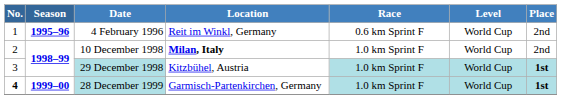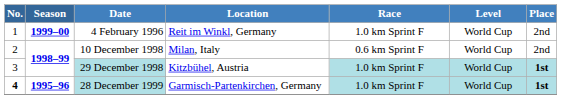 <table class="wikitable sortable" style="font-size:95%; text-align:center; border:grey solid 1px; border-collapse:collapse; background:#ffffff;">
 <tr style="background:#efefef;">
 <th style="background-color:#369; color:white;">No.</th>
 <th style="background-color:#369; color:white;">Season</th>
 <th style="background-color:#4180be; color:white; width:120px;">Date</th>
 <th style="background-color:#4180be; color:white; width:220px;">Location</th>
 <th style="background-color:#4180be; color:white; width:160px;">Race</th>
 <th style="background-color:#4180be; color:white; width:100px;">Level</th>
 <th style="background-color:#4180be; color:white;">Place</th>
 </tr>
 <tr>
 <td align=center>1</td>
-<td rowspan=1 align=center><strong> <a href='#'>1995–96</a> </strong></td>
+<td rowspan=1 align=center><strong><a href='#'>1999–00</a></strong></td>
 <td align=right>4 February 1996</td>
 <td align=left> <a href='#'>Reit im Winkl</a>, Germany</td>
-<td>0.6 km Sprint F</td>
+<td>1.0 km Sprint F</td>
 <td>World Cup</td>
 <td>2nd</td>
 </tr>
 <tr>
 <td align=center>2</td>
 <td rowspan=2 align=center><strong> <a href='#'>1998–99</a> </strong></td>
 <td align=right>10 December 1998</td>
-<td align=left><strong> <a href='#'>Milan</a>, Italy</strong></td>
-<td>1.0 km Sprint F</td>
+<td align=left> <a href='#'>Milan</a>, Italy</td>
+<td>0.6 km Sprint F</td>
 <td>World Cup</td>
 <td>2nd</td>
 </tr>
 <tr>
 <td align=center>3</td>
 <td bgcolor="#BOEOE6" align=right>29 December 1998</td>
 <td align=left> <a href='#'>Kitzbühel</a>, Austria</td>
 <td bgcolor="#BOEOE6">1.0 km Sprint F</td>
 <td bgcolor="#BOEOE6">World Cup</td>
 <td bgcolor="#BOEOE6"><strong>1st</strong></td>
 </tr>
 <tr>
 <td align=center><strong>4</strong></td>
-<td rowspan=1 align=center><strong><a href='#'>1999–00</a></strong></td>
+<td rowspan=1 align=center><strong> <a href='#'>1995–96</a> </strong></td>
 <td bgcolor="#BOEOE6" align=right>28 December 1999</td>
 <td align=left> <a href='#'>Garmisch-Partenkirchen</a>, Germany</td>
 <td bgcolor="#BOEOE6">1.0 km Sprint F</td>
 <td bgcolor="#BOEOE6">World Cup</td>
 <td bgcolor="#BOEOE6"><strong>1st</strong></td>
 </tr>
 <tr>
 </tr>
 </table>
